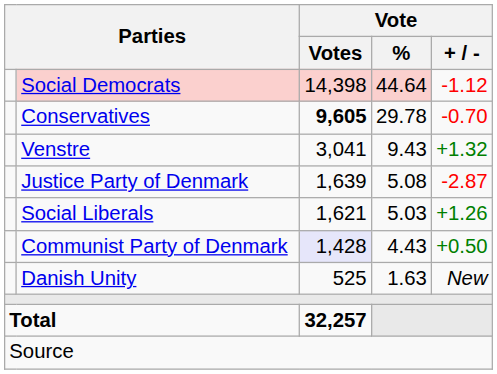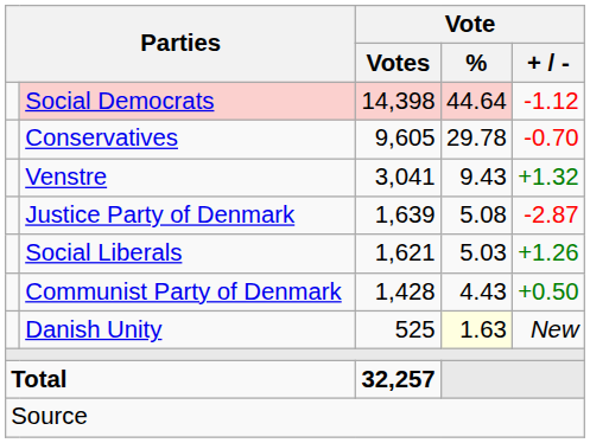 <table class="wikitable" style="text-align:right;">
 <tr>
 <th style="text-align:centre;" rowspan="2" colspan="2" width="225">Parties</th>
 <th colspan="3">Vote</th>
 </tr>
 <tr>
 <th width="15">Votes</th>
 <th width="15">%</th>
 <th width="15">+ / -</th>
 </tr>
 <tr>
 <td width="2" style="color:inherit;background:"></td>
 <td bgcolor=#fbd0ce  align="left"><a href='#'>Social Democrats</a></td>
 <td bgcolor=#fbd0ce>14,398</td>
 <td bgcolor=#fbd0ce>44.64</td>
 <td style=color:red;>-1.12</td>
 </tr>
 <tr>
 <td width="2" style="color:inherit;background:"></td>
 <td align="left"><a href='#'>Conservatives</a></td>
-<td><strong>9,605</strong></td>
+<td>9,605</td>
 <td>29.78</td>
 <td style=color:red;>-0.70</td>
 </tr>
 <tr>
 <td width="2" style="color:inherit;background:"></td>
 <td align="left"><a href='#'>Venstre</a></td>
 <td>3,041</td>
 <td>9.43</td>
 <td style=color:green;>+1.32</td>
 </tr>
 <tr>
 <td width="2" style="color:inherit;background:"></td>
 <td align="left"><a href='#'>Justice Party of Denmark</a></td>
 <td>1,639</td>
 <td>5.08</td>
 <td style=color:red;>-2.87</td>
 </tr>
 <tr>
 <td width="2" style="color:inherit;background:"></td>
 <td align="left"><a href='#'>Social Liberals</a></td>
 <td>1,621</td>
 <td>5.03</td>
 <td style=color:green;>+1.26</td>
 </tr>
 <tr>
 <td width="2" style="color:inherit;background:"></td>
 <td align="left"><a href='#'>Communist Party of Denmark</a></td>
-<td style="background: lavender;">1,428</td>
+<td>1,428</td>
 <td>4.43</td>
 <td style=color:green;>+0.50</td>
 </tr>
 <tr>
 <td width="2" style="color:inherit;background:"></td>
 <td align="left"><a href='#'>Danish Unity</a></td>
 <td>525</td>
-<td>1.63</td>
+<td style="background: lightyellow;">1.63</td>
 <td><em>New</em></td>
 </tr>
 <tr>
 <td colspan="7" bgcolor="#E9E9E9"></td>
 </tr>
 <tr>
 <td align="left" colspan="2"><strong>Total</strong></td>
 <td><strong>32,257</strong></td>
 <td bgcolor="#E9E9E9" colspan="2"></td>
 </tr>
 <tr>
 <td align="left" colspan="6">Source</td>
 </tr>
 </table>
